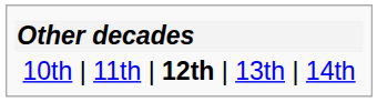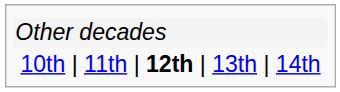 <table class="infobox" width=230>
 <tr>
 <td></td>
 </tr>
 <tr style="background-color:#f3f3f3">
-<td><strong><em>Other decades</em></strong></td>
+<td><em>Other decades</em></td>
 </tr>
 <tr>
 <td align="center"><a href='#'>10th</a> | <a href='#'>11th</a> | <strong>12th</strong> | <a href='#'>13th</a> | <a href='#'>14th</a></td>
 </tr>
 </table>
